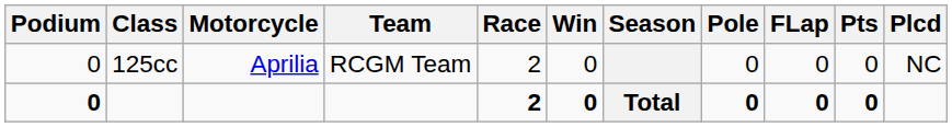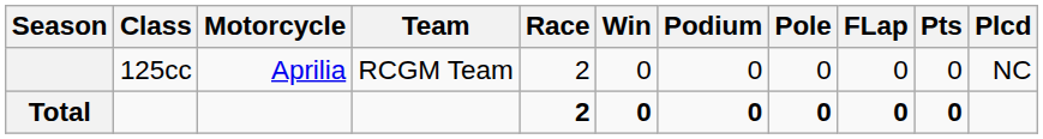 <table class="wikitable" style=text-align:right>
 <tr>
-<th>Podium</th>
+<th>Season</th>
 <th>Class</th>
 <th>Motorcycle</th>
 <th>Team</th>
 <th>Race</th>
 <th>Win</th>
-<th>Season</th>
+<th>Podium</th>
 <th>Pole</th>
 <th>FLap</th>
 <th>Pts</th>
 <th>Plcd</th>
 </tr>
 <tr>
-<td>0</td>
+<th></th>
 <td>125cc</td>
 <td><a href='#'>Aprilia</a></td>
 <td>RCGM Team</td>
 <td>2</td>
 <td>0</td>
-<th></th>
+<td>0</td>
 <td>0</td>
 <td>0</td>
 <td>0</td>
 <td>NC</td>
 </tr>
 <tr>
-<td><strong>0</strong></td>
+<th>Total</th>
 <td></td>
 <td></td>
 <td></td>
 <td><strong>2</strong></td>
 <td><strong>0</strong></td>
-<th>Total</th>
+<td><strong>0</strong></td>
 <td><strong>0</strong></td>
 <td><strong>0</strong></td>
 <td><strong>0</strong></td>
 <td></td>
 </tr>
 </table>
